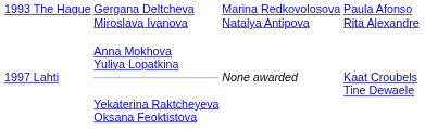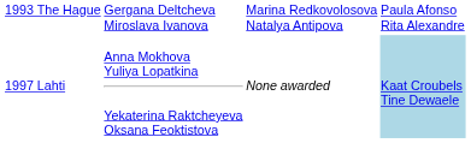 <table>
 <tr>
 <td><a href='#'>1993 The Hague</a></td>
 <td><br><a href='#'>Gergana Deltcheva</a><br><a href='#'>Miroslava Ivanova</a></td>
 <td><br><a href='#'>Marina Redkovolosova</a><br><a href='#'>Natalya Antipova</a></td>
 <td><br><a href='#'>Paula Afonso</a><br><a href='#'>Rita Alexandre</a></td>
 </tr>
 <tr>
 <td><a href='#'>1997 Lahti</a></td>
 <td><br><a href='#'>Anna Mokhova</a><br><a href='#'>Yuliya Lopatkina</a><hr><br><a href='#'>Yekaterina Raktcheyeva</a><br><a href='#'>Oksana Feoktistova</a></td>
 <td><em>None awarded</em></td>
-<td><br><a href='#'>Kaat Croubels</a><br><a href='#'>Tine Dewaele</a></td>
+<td style="background: lightblue;"><br><a href='#'>Kaat Croubels</a><br><a href='#'>Tine Dewaele</a></td>
 </tr>
 </table>
